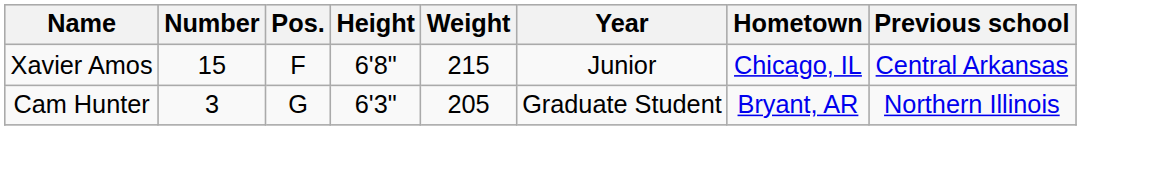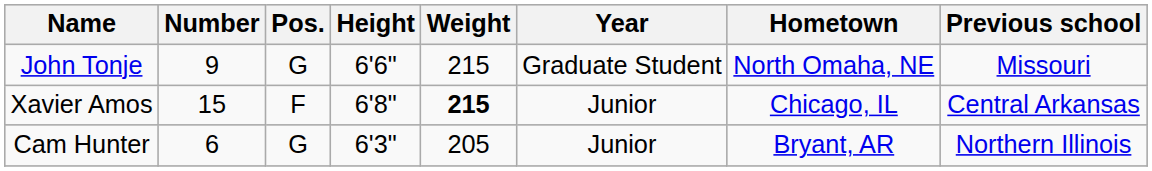 <table class="wikitable sortable sortable" style="text-align: center">
 <tr align=center>
 <th>Name</th>
 <th>Number</th>
 <th>Pos.</th>
 <th>Height</th>
 <th>Weight</th>
 <th>Year</th>
 <th>Hometown</th>
 <th>Previous school</th>
 </tr>
 <tr>
+<td><a href='#'>John Tonje</a></td>
+<td>9</td>
+<td>G</td>
+<td>6'6"</td>
+<td>215</td>
+<td>Graduate Student</td>
+<td><a href='#'>North Omaha, NE</a></td>
+<td><a href='#'>Missouri</a></td>
+</tr>
+<tr>
 <td>Xavier Amos</td>
 <td>15</td>
 <td>F</td>
 <td>6'8"</td>
-<td>215</td>
+<td><strong>215</strong></td>
 <td>Junior</td>
 <td><a href='#'>Chicago, IL</a></td>
 <td><a href='#'>Central Arkansas</a></td>
 </tr>
 <tr>
 <td>Cam Hunter</td>
-<td>3</td>
+<td>6</td>
 <td>G</td>
 <td>6'3"</td>
 <td>205</td>
-<td>Graduate Student</td>
+<td>Junior</td>
 <td><a href='#'>Bryant, AR</a></td>
 <td><a href='#'>Northern Illinois</a></td>
 </tr>
 </table>
